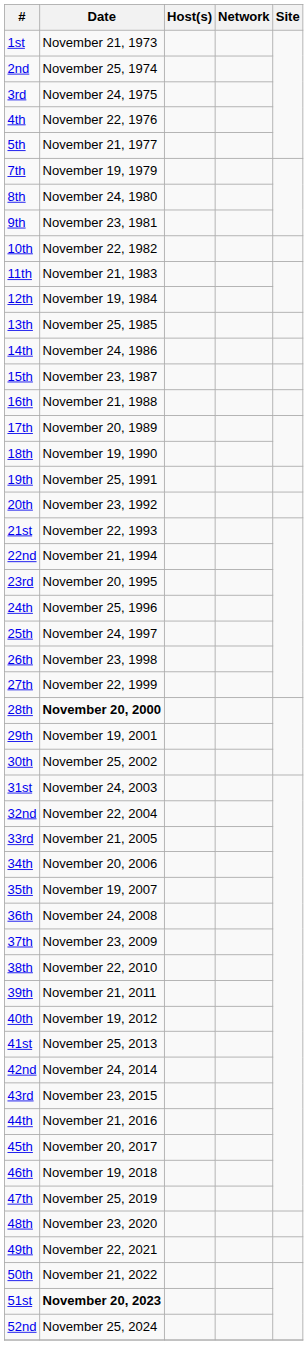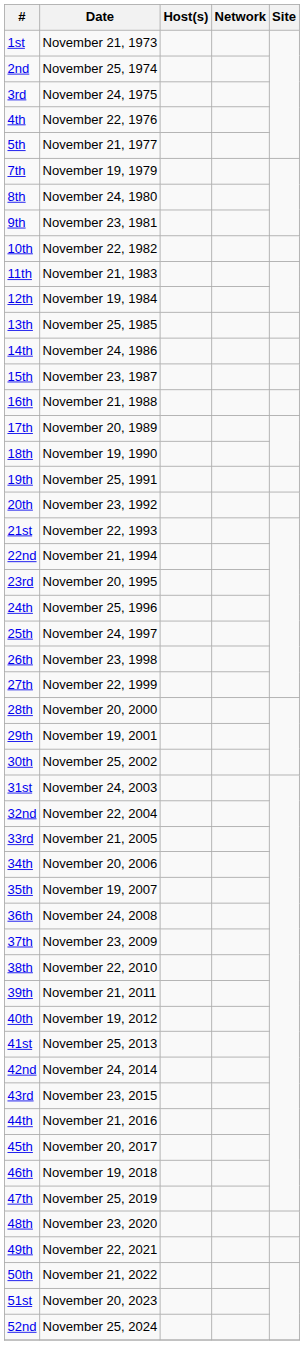 <table class="wikitable sortable" style="font-size:0.95em; line-height:1.5em;">
 <tr>
 <th>#</th>
 <th>Date</th>
 <th>Host(s)</th>
 <th>Network</th>
 <th>Site</th>
 </tr>
 <tr>
 <td><a href='#'>1st</a></td>
 <td>November 21, 1973</td>
 <td></td>
 <td></td>
 <td rowspan="5"></td>
 </tr>
 <tr>
 <td><a href='#'>2nd</a></td>
 <td>November 25, 1974</td>
 <td></td>
 </tr>
 <tr>
 <td><a href='#'>3rd</a></td>
 <td>November 24, 1975</td>
 <td></td>
 <td></td>
 </tr>
 <tr>
 <td><a href='#'>4th</a></td>
 <td>November 22, 1976</td>
 <td></td>
 <td></td>
 </tr>
 <tr>
 <td><a href='#'>5th</a></td>
 <td>November 21, 1977</td>
 <td></td>
 <td></td>
 </tr>
 <tr>
 <td><a href='#'>7th</a></td>
 <td>November 19, 1979</td>
 <td></td>
 <td></td>
 <td rowspan="3"></td>
 </tr>
 <tr>
 <td><a href='#'>8th</a></td>
 <td>November 24, 1980</td>
 <td></td>
 <td></td>
 </tr>
 <tr>
 <td><a href='#'>9th</a></td>
 <td>November 23, 1981</td>
 <td></td>
 <td></td>
 </tr>
 <tr>
 <td><a href='#'>10th</a></td>
 <td>November 22, 1982</td>
 <td></td>
 <td></td>
 <td></td>
 </tr>
 <tr>
 <td><a href='#'>11th</a></td>
 <td>November 21, 1983</td>
 <td></td>
 <td></td>
 <td rowspan="2"></td>
 </tr>
 <tr>
 <td><a href='#'>12th</a></td>
 <td>November 19, 1984</td>
 <td></td>
 <td></td>
 </tr>
 <tr>
 <td><a href='#'>13th</a></td>
 <td>November 25, 1985</td>
 <td></td>
 <td></td>
 <td></td>
 </tr>
 <tr>
 <td><a href='#'>14th</a></td>
 <td>November 24, 1986</td>
 <td></td>
 <td></td>
 <td></td>
 </tr>
 <tr>
 <td><a href='#'>15th</a></td>
 <td>November 23, 1987</td>
 <td></td>
 <td></td>
 <td></td>
 </tr>
 <tr>
 <td><a href='#'>16th</a></td>
 <td>November 21, 1988</td>
 <td></td>
 <td></td>
 <td></td>
 </tr>
 <tr>
 <td><a href='#'>17th</a></td>
 <td>November 20, 1989</td>
 <td></td>
 <td></td>
 <td rowspan="2"></td>
 </tr>
 <tr>
 <td><a href='#'>18th</a></td>
 <td>November 19, 1990</td>
 <td></td>
 <td></td>
 </tr>
 <tr>
 <td><a href='#'>19th</a></td>
 <td>November 25, 1991</td>
 <td></td>
 <td></td>
 <td></td>
 </tr>
 <tr>
 <td><a href='#'>20th</a></td>
 <td>November 23, 1992</td>
 <td></td>
 <td></td>
 <td></td>
 </tr>
 <tr>
 <td><a href='#'>21st</a></td>
 <td>November 22, 1993</td>
 <td></td>
 <td></td>
 <td rowspan="7"></td>
 </tr>
 <tr>
 <td><a href='#'>22nd</a></td>
 <td>November 21, 1994</td>
 <td></td>
 <td></td>
 </tr>
 <tr>
 <td><a href='#'>23rd</a></td>
 <td>November 20, 1995</td>
 <td></td>
 <td></td>
 </tr>
 <tr>
 <td><a href='#'>24th</a></td>
 <td>November 25, 1996</td>
 <td></td>
 <td></td>
 </tr>
 <tr>
 <td><a href='#'>25th</a></td>
 <td>November 24, 1997</td>
 <td></td>
 <td></td>
 </tr>
 <tr>
 <td><a href='#'>26th</a></td>
 <td>November 23, 1998</td>
 <td></td>
 <td></td>
 </tr>
 <tr>
 <td><a href='#'>27th</a></td>
 <td>November 22, 1999</td>
 <td></td>
 <td></td>
 </tr>
 <tr>
 <td><a href='#'>28th</a></td>
-<td><strong>November 20, 2000</strong></td>
+<td>November 20, 2000</td>
 <td></td>
 <td></td>
 <td rowspan="3"></td>
 </tr>
 <tr>
 <td><a href='#'>29th</a></td>
 <td>November 19, 2001</td>
 <td></td>
 <td></td>
 </tr>
 <tr>
 <td><a href='#'>30th</a></td>
 <td>November 25, 2002</td>
 <td></td>
 <td></td>
 </tr>
 <tr>
 <td><a href='#'>31st</a></td>
 <td>November 24, 2003</td>
 <td></td>
 <td></td>
 <td rowspan="17"></td>
 </tr>
 <tr>
 <td><a href='#'>32nd</a></td>
 <td>November 22, 2004</td>
 <td></td>
 <td></td>
 </tr>
 <tr>
 <td><a href='#'>33rd</a></td>
 <td>November 21, 2005</td>
 <td></td>
 <td></td>
 </tr>
 <tr>
 <td><a href='#'>34th</a></td>
 <td>November 20, 2006</td>
 <td></td>
 <td></td>
 </tr>
 <tr>
 <td><a href='#'>35th</a></td>
 <td>November 19, 2007</td>
 <td></td>
 <td></td>
 </tr>
 <tr>
 <td><a href='#'>36th</a></td>
 <td>November 24, 2008</td>
 <td></td>
 <td></td>
 </tr>
 <tr>
 <td><a href='#'>37th</a></td>
 <td>November 23, 2009</td>
 <td></td>
 <td></td>
 </tr>
 <tr>
 <td><a href='#'>38th</a></td>
 <td>November 22, 2010</td>
 <td></td>
 <td></td>
 </tr>
 <tr>
 <td><a href='#'>39th</a></td>
 <td>November 21, 2011</td>
 <td></td>
 <td></td>
 </tr>
 <tr>
 <td><a href='#'>40th</a></td>
 <td>November 19, 2012</td>
 <td></td>
 <td></td>
 </tr>
 <tr>
 <td><a href='#'>41st</a></td>
 <td>November 25, 2013</td>
 <td></td>
 <td></td>
 </tr>
 <tr>
 <td><a href='#'>42nd</a></td>
 <td>November 24, 2014</td>
 <td></td>
 <td></td>
 </tr>
 <tr>
 <td><a href='#'>43rd</a></td>
 <td>November 23, 2015</td>
 <td></td>
 <td></td>
 </tr>
 <tr>
 <td><a href='#'>44th</a></td>
 <td>November 21, 2016</td>
 <td></td>
 <td></td>
 </tr>
 <tr>
 <td><a href='#'>45th</a></td>
 <td>November 20, 2017</td>
 <td></td>
 <td></td>
 </tr>
 <tr>
 <td><a href='#'>46th</a></td>
 <td>November 19, 2018</td>
 <td></td>
 <td></td>
 </tr>
 <tr>
 <td><a href='#'>47th</a></td>
 <td>November 25, 2019</td>
 <td></td>
 <td></td>
 </tr>
 <tr>
 <td><a href='#'>48th</a></td>
 <td>November 23, 2020</td>
 <td></td>
 <td></td>
 <td></td>
 </tr>
 <tr>
 <td><a href='#'>49th</a></td>
 <td>November 22, 2021</td>
 <td></td>
 <td></td>
 <td></td>
 </tr>
 <tr>
 <td><a href='#'>50th</a></td>
 <td>November 21, 2022</td>
 <td></td>
 <td></td>
 <td rowspan="3"></td>
 </tr>
 <tr>
 <td><a href='#'>51st</a></td>
-<td><strong>November 20, 2023</strong></td>
+<td>November 20, 2023</td>
 <td></td>
 <td></td>
 </tr>
 <tr>
 <td><a href='#'>52nd</a></td>
 <td>November 25, 2024</td>
 <td></td>
 <td></td>
 </tr>
 <tr>
 </tr>
 </table>
